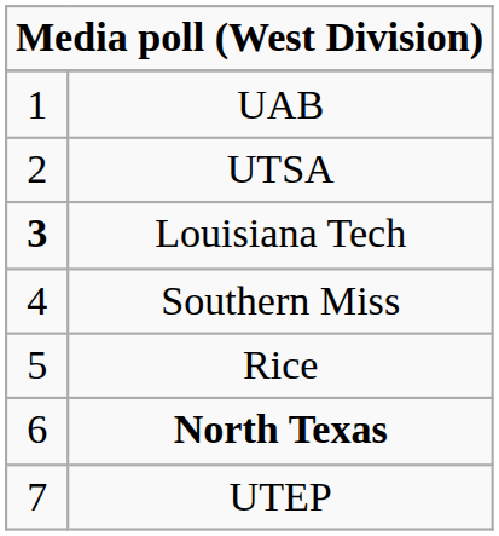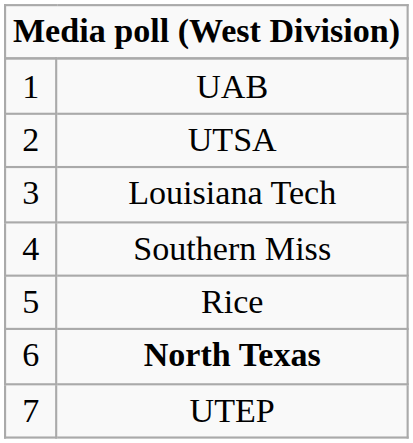 <table class="wikitable" style="display: inline-table;">
 <tr>
 <td align="center" Colspan="3"><strong>Media poll (West Division)</strong></td>
 </tr>
 <tr align="center">
 </tr>
 <tr align="center">
 <td>1</td>
 <td>UAB</td>
 </tr>
 <tr align="center">
 <td>2</td>
 <td>UTSA</td>
 </tr>
 <tr align="center">
-<td><strong>3</strong></td>
+<td>3</td>
 <td>Louisiana Tech</td>
 </tr>
 <tr align="center">
 <td>4</td>
 <td>Southern Miss</td>
 </tr>
 <tr align="center">
 <td>5</td>
 <td>Rice</td>
 </tr>
 <tr align="center">
 <td>6</td>
 <td><strong>North Texas</strong></td>
 </tr>
 <tr align="center">
 <td>7</td>
 <td>UTEP</td>
 </tr>
 </table>
